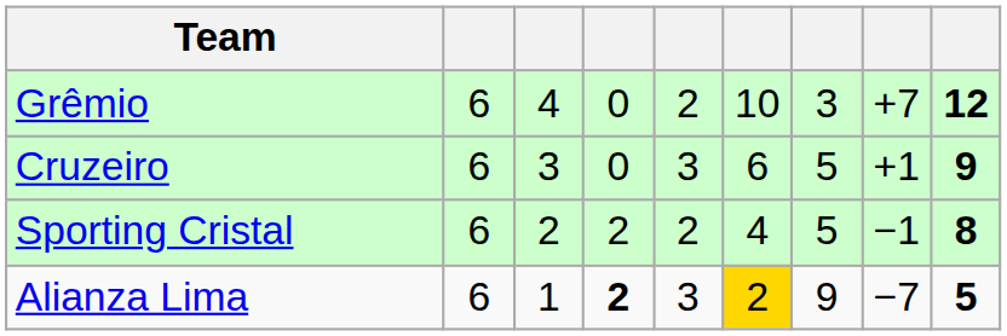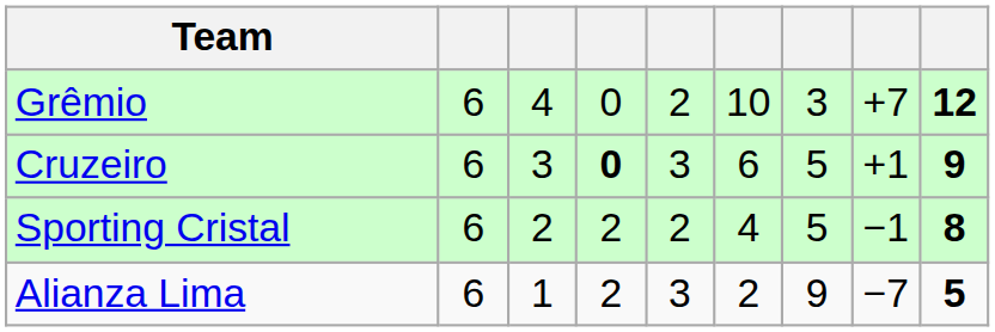 <table class="wikitable" align="left" style="text-align:center">
 <tr>
 <th width=165>Team</th>
 <th width=20></th>
 <th width=20></th>
 <th width=20></th>
 <th width=20></th>
 <th width=20></th>
 <th width=20></th>
 <th width=20></th>
 <th width=20></th>
 </tr>
 <tr bgcolor=#CCFFCC>
 <td align=left> <a href='#'>Grêmio</a></td>
 <td>6</td>
 <td>4</td>
 <td>0</td>
 <td>2</td>
 <td>10</td>
 <td>3</td>
 <td>+7</td>
 <td><strong>12</strong></td>
 </tr>
 <tr bgcolor=#CCFFCC>
 <td align=left> <a href='#'>Cruzeiro</a></td>
 <td>6</td>
 <td>3</td>
-<td>0</td>
+<td><strong>0</strong></td>
 <td>3</td>
 <td>6</td>
 <td>5</td>
 <td>+1</td>
 <td><strong>9</strong></td>
 </tr>
 <tr bgcolor=#CCFFCC>
 <td align=left> <a href='#'>Sporting Cristal</a></td>
 <td>6</td>
 <td>2</td>
 <td>2</td>
 <td>2</td>
 <td>4</td>
 <td>5</td>
 <td>−1</td>
 <td><strong>8</strong></td>
 </tr>
 <tr>
 <td align=left> <a href='#'>Alianza Lima</a></td>
 <td>6</td>
 <td>1</td>
-<td><strong>2</strong></td>
+<td>2</td>
 <td>3</td>
-<td style="background: gold;">2</td>
+<td>2</td>
 <td>9</td>
 <td>−7</td>
 <td><strong>5</strong></td>
 </tr>
 </table>
